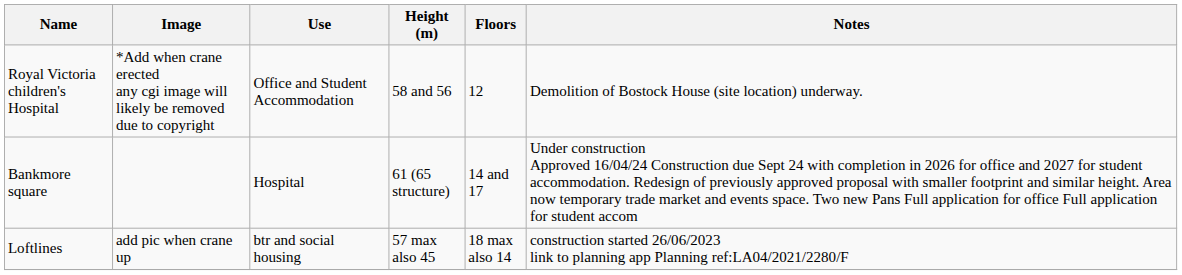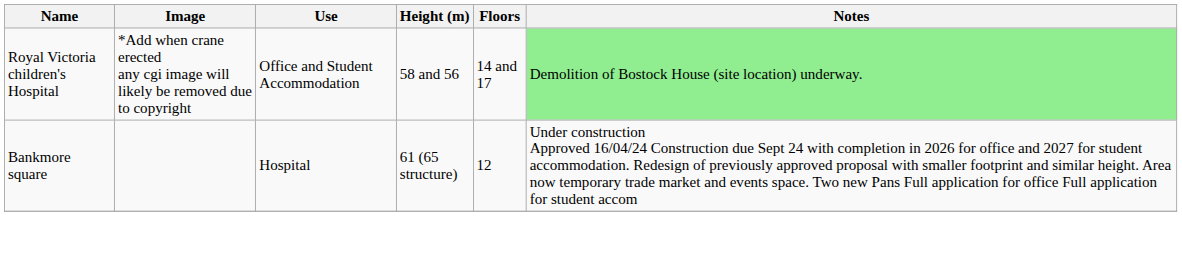 <table class="wikitable">
 <tr>
 <th>Name</th>
 <th>Image</th>
 <th>Use</th>
 <th>Height (m)</th>
 <th>Floors</th>
 <th>Notes</th>
 </tr>
 <tr>
 <td>Royal Victoria children's Hospital</td>
 <td>*Add when crane erected<br>any cgi image will likely be removed due to copyright</td>
 <td>Office and Student Accommodation</td>
 <td>58 and 56</td>
-<td>12</td>
-<td>Demolition of Bostock House (site location) underway.</td>
+<td>14 and 17</td>
+<td style="background: lightgreen;">Demolition of Bostock House (site location) underway.</td>
 </tr>
 <tr>
 <td>Bankmore square</td>
 <td></td>
 <td>Hospital</td>
 <td>61 (65 structure)</td>
-<td>14 and 17</td>
+<td>12</td>
 <td>Under construction<br>Approved 16/04/24   Construction due Sept 24 with completion in 2026 for office and 2027 for student accommodation. Redesign of previously approved proposal with smaller footprint and similar height. Area now temporary trade market and events space. Two new Pans   Full application for office  Full application for student accom </td>
-</tr>
-<tr>
-<td>Loftlines</td>
-<td>add pic when crane up</td>
-<td>btr and social housing</td>
-<td>57 max also 45</td>
-<td>18 max also 14</td>
-<td>construction started 26/06/2023<br>link to planning app Planning ref:LA04/2021/2280/F </td>
 </tr>
 <tr>
 </tr>
 </table>
